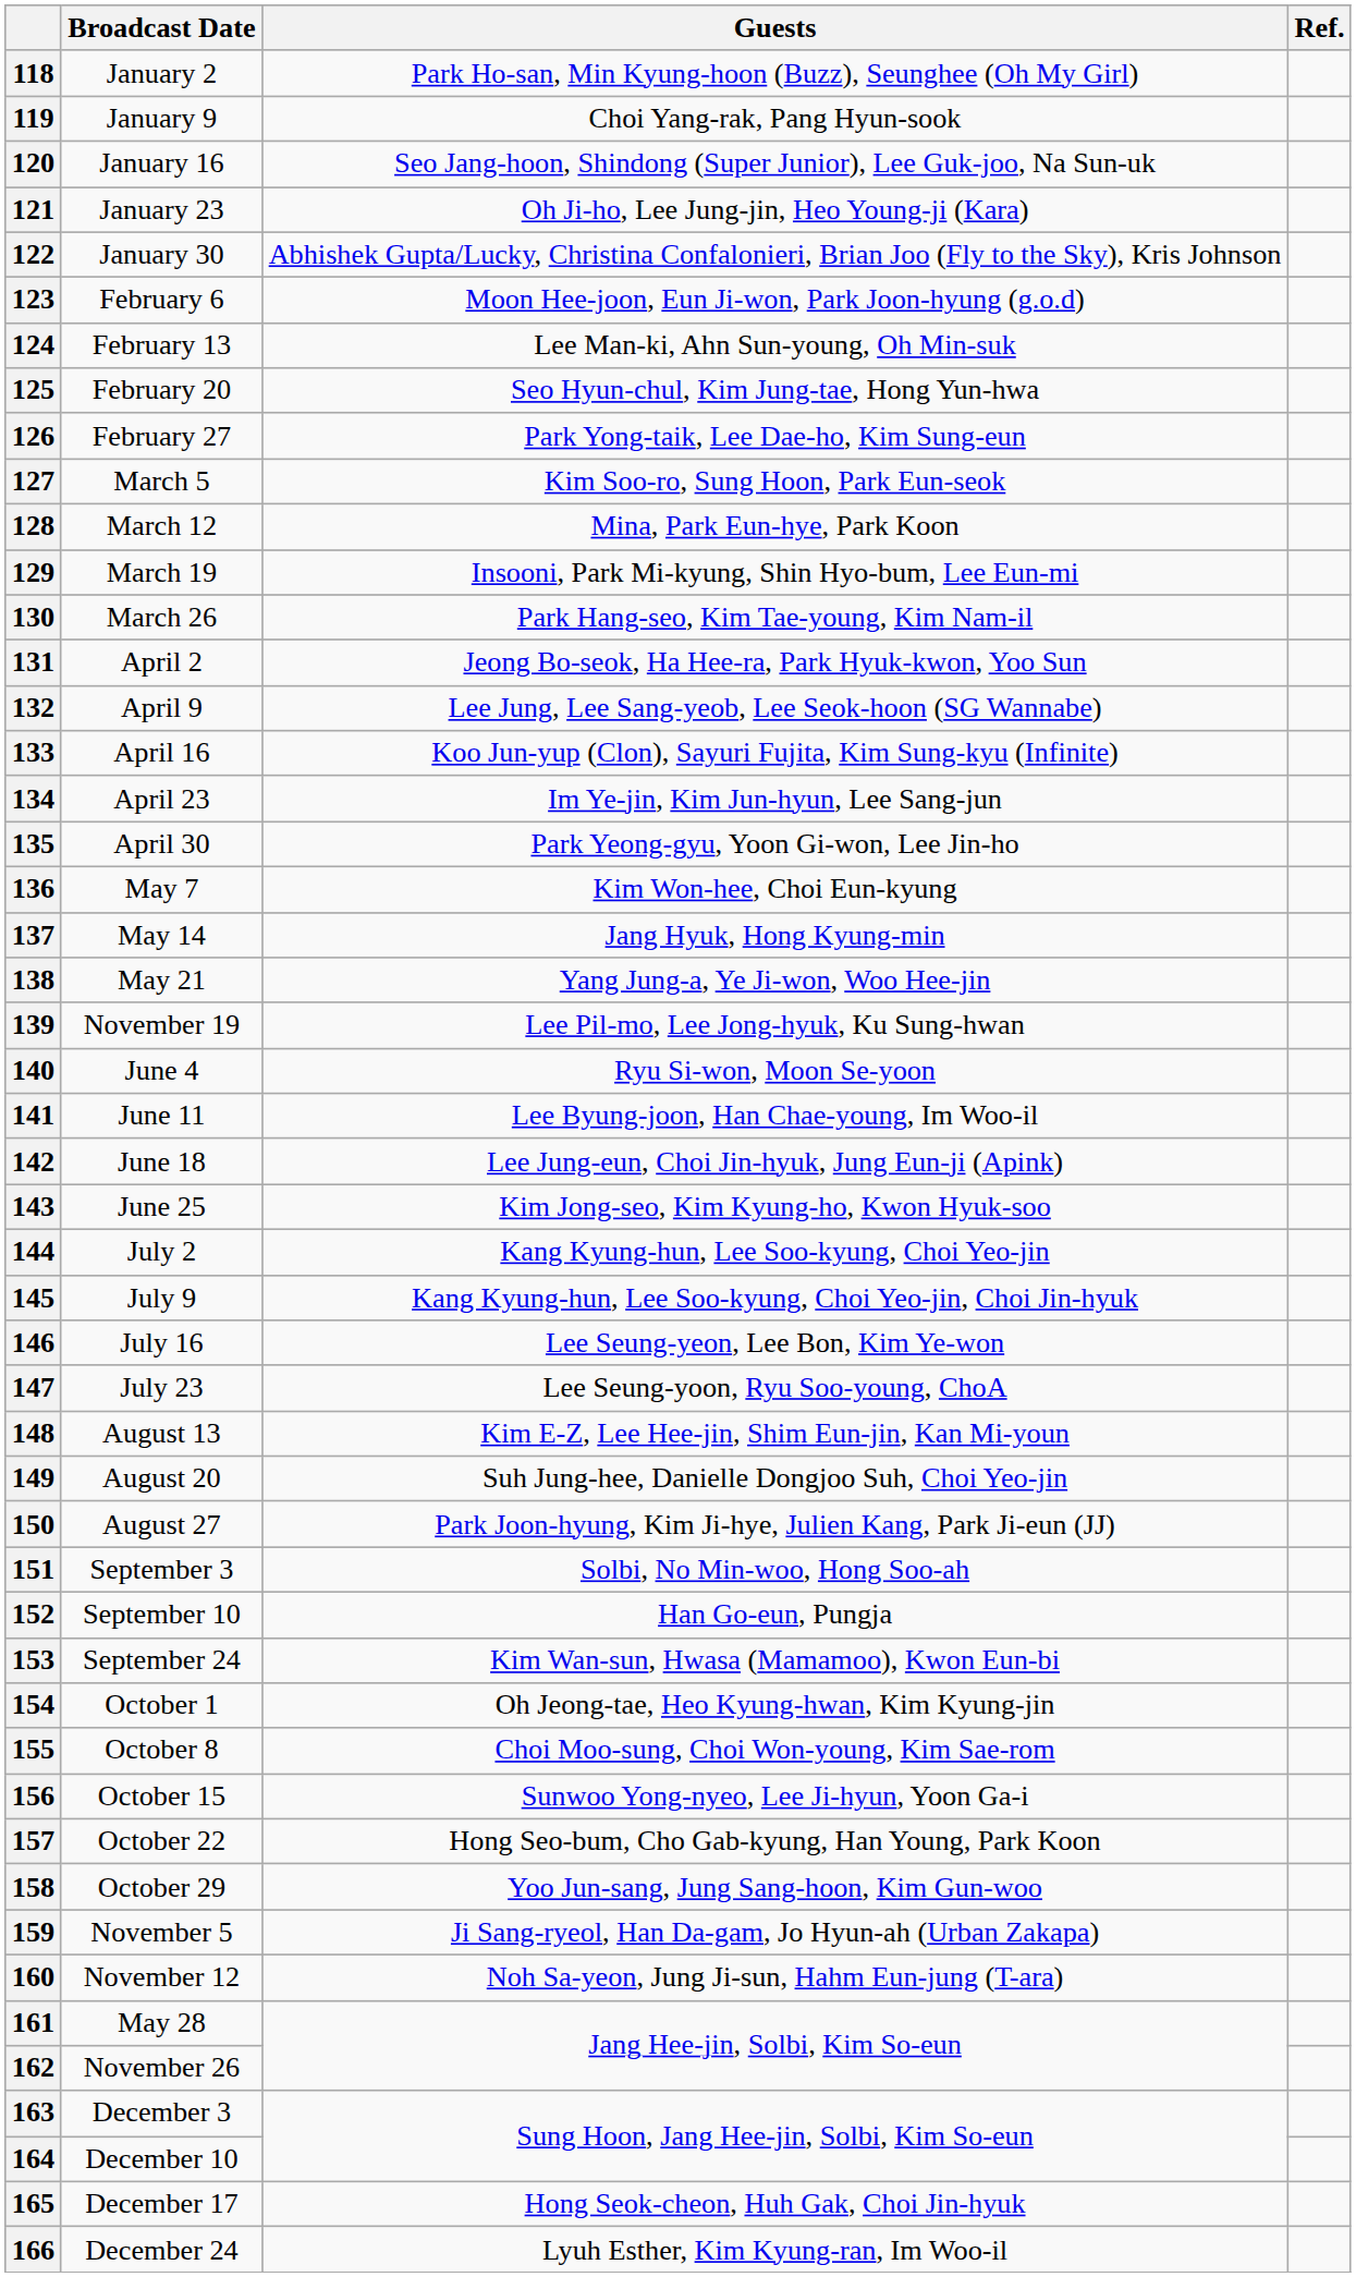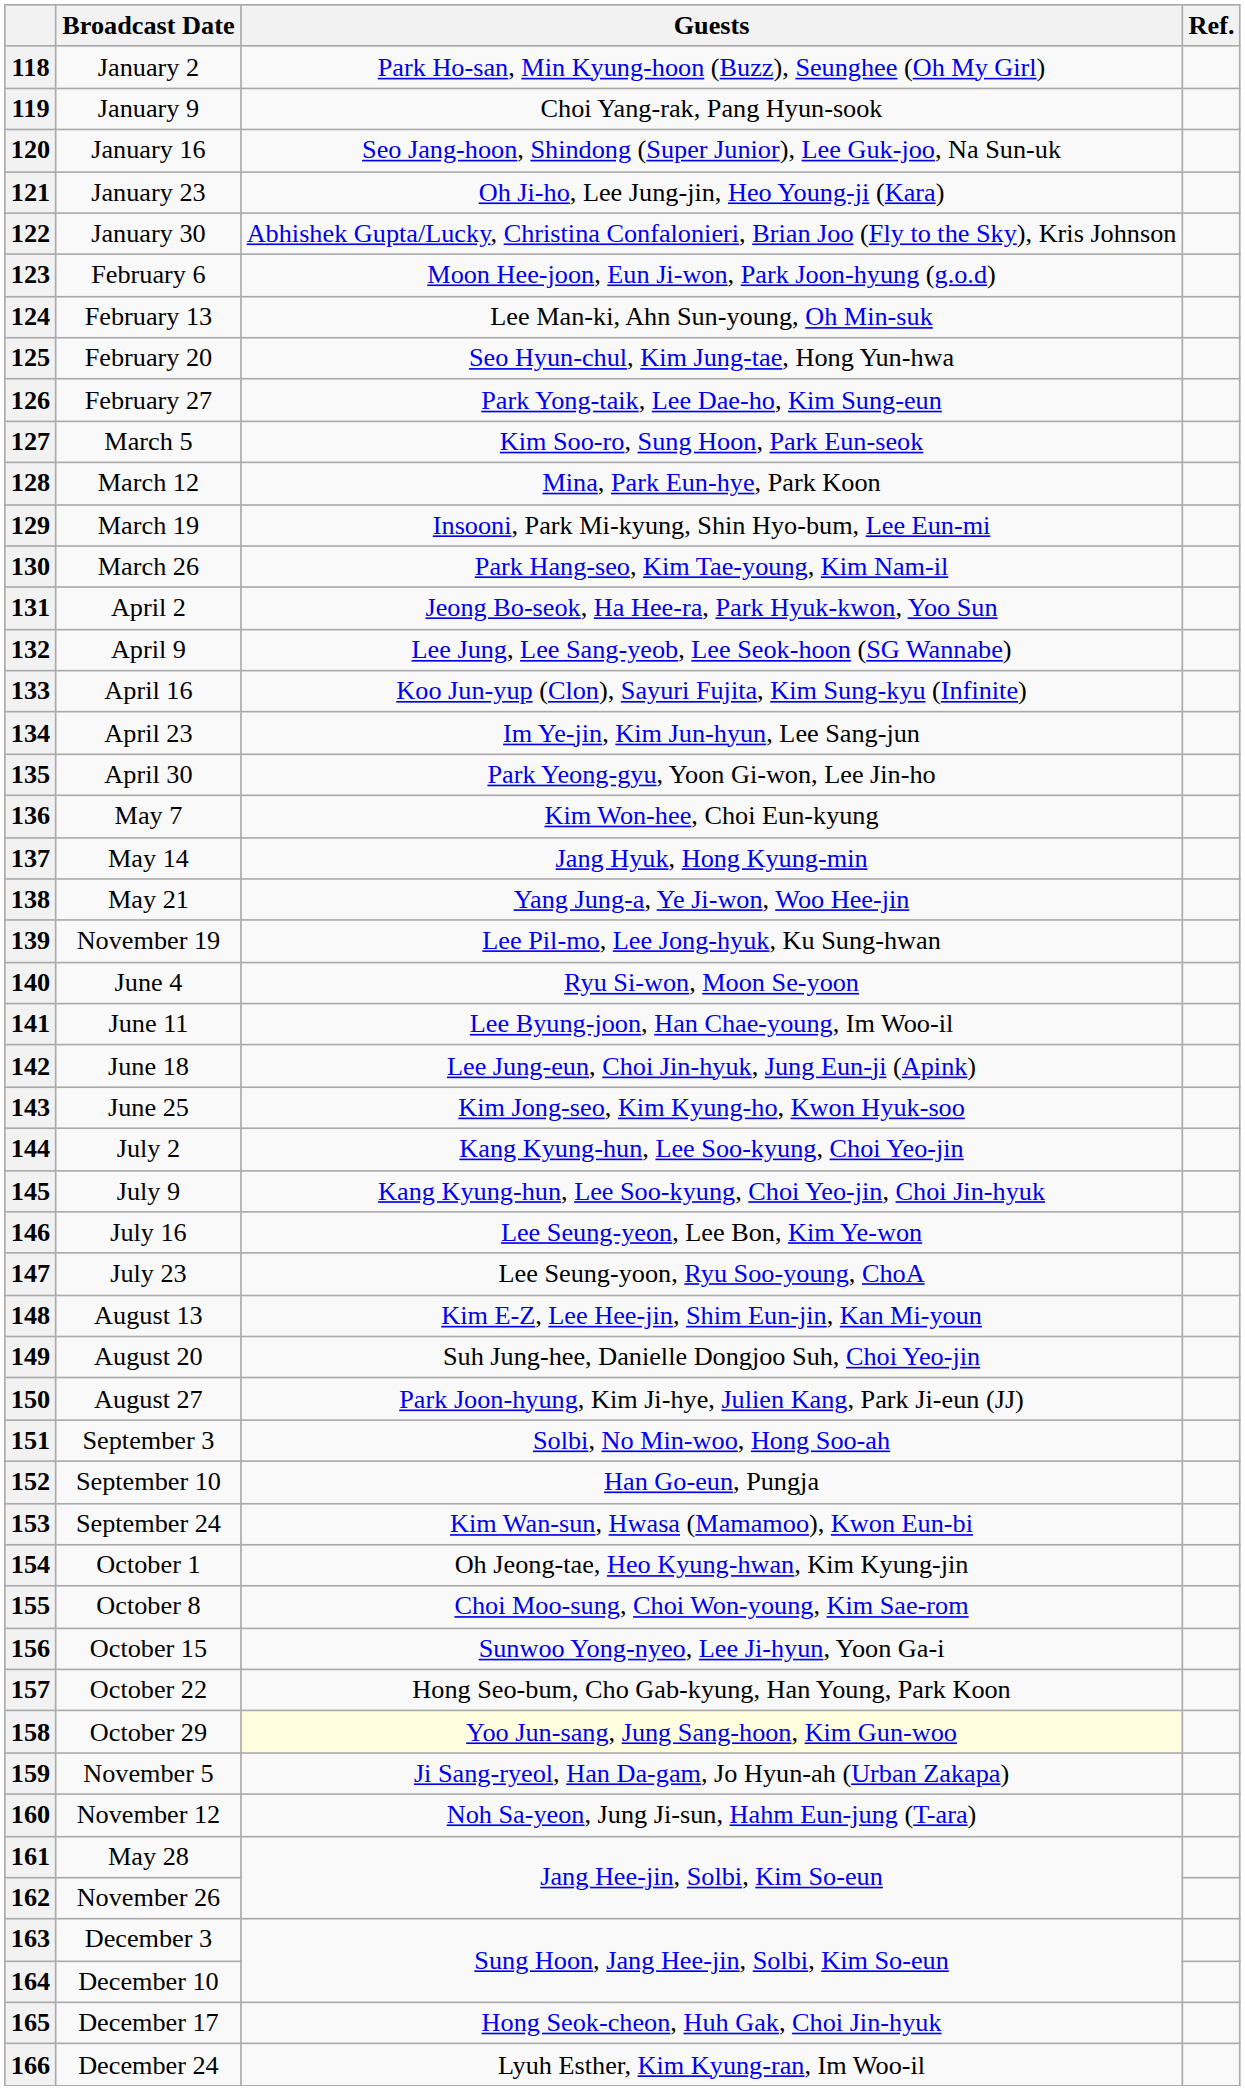 <table Class ="wikitable" style="text-align:center;">
 <tr>
 <th></th>
 <th>Broadcast Date</th>
 <th>Guests</th>
 <th>Ref.</th>
 </tr>
 <tr>
 <th>118</th>
 <td>January 2</td>
 <td><a href='#'>Park Ho-san</a>, <a href='#'>Min Kyung-hoon</a> (<a href='#'>Buzz</a>), <a href='#'>Seunghee</a> (<a href='#'>Oh My Girl</a>)</td>
 <td></td>
 </tr>
 <tr>
 <th>119</th>
 <td>January 9</td>
 <td>Choi Yang-rak, Pang Hyun-sook</td>
 <td></td>
 </tr>
 <tr>
 <th>120</th>
 <td>January 16</td>
 <td><a href='#'>Seo Jang-hoon</a>, <a href='#'>Shindong</a> (<a href='#'>Super Junior</a>), <a href='#'>Lee Guk-joo</a>, Na Sun-uk</td>
 <td></td>
 </tr>
 <tr>
 <th>121</th>
 <td>January 23</td>
 <td><a href='#'>Oh Ji-ho</a>, Lee Jung-jin, <a href='#'>Heo Young-ji</a> (<a href='#'>Kara</a>)</td>
 <td></td>
 </tr>
 <tr>
 <th>122</th>
 <td>January 30</td>
 <td><a href='#'>Abhishek Gupta/Lucky</a>, <a href='#'>Christina Confalonieri</a>, <a href='#'>Brian Joo</a> (<a href='#'>Fly to the Sky</a>), Kris Johnson</td>
 <td></td>
 </tr>
 <tr>
 <th>123</th>
 <td>February 6</td>
 <td><a href='#'>Moon Hee-joon</a>, <a href='#'>Eun Ji-won</a>, <a href='#'>Park Joon-hyung</a> (<a href='#'>g.o.d</a>)</td>
 <td></td>
 </tr>
 <tr>
 <th>124</th>
 <td>February 13</td>
 <td>Lee Man-ki, Ahn Sun-young, <a href='#'>Oh Min-suk</a></td>
 <td></td>
 </tr>
 <tr>
 <th>125</th>
 <td>February 20</td>
 <td><a href='#'>Seo Hyun-chul</a>, <a href='#'>Kim Jung-tae</a>, Hong Yun-hwa</td>
 <td></td>
 </tr>
 <tr>
 <th>126</th>
 <td>February 27</td>
 <td><a href='#'>Park Yong-taik</a>, <a href='#'>Lee Dae-ho</a>, <a href='#'>Kim Sung-eun</a></td>
 <td></td>
 </tr>
 <tr>
 <th>127</th>
 <td>March 5</td>
 <td><a href='#'>Kim Soo-ro</a>, <a href='#'>Sung Hoon</a>, <a href='#'>Park Eun-seok</a></td>
 <td></td>
 </tr>
 <tr>
 <th>128</th>
 <td>March 12</td>
 <td><a href='#'>Mina</a>, <a href='#'>Park Eun-hye</a>, Park Koon</td>
 <td></td>
 </tr>
 <tr>
 <th>129</th>
 <td>March 19</td>
 <td><a href='#'>Insooni</a>, Park Mi-kyung, Shin Hyo-bum, <a href='#'>Lee Eun-mi</a></td>
 <td></td>
 </tr>
 <tr>
 <th>130</th>
 <td>March 26</td>
 <td><a href='#'>Park Hang-seo</a>, <a href='#'>Kim Tae-young</a>, <a href='#'>Kim Nam-il</a></td>
 <td></td>
 </tr>
 <tr>
 <th>131</th>
 <td>April 2</td>
 <td><a href='#'>Jeong Bo-seok</a>, <a href='#'>Ha Hee-ra</a>, <a href='#'>Park Hyuk-kwon</a>, <a href='#'>Yoo Sun</a></td>
 <td></td>
 </tr>
 <tr>
 <th>132</th>
 <td>April 9</td>
 <td><a href='#'>Lee Jung</a>, <a href='#'>Lee Sang-yeob</a>, <a href='#'>Lee Seok-hoon</a> (<a href='#'>SG Wannabe</a>)</td>
 <td></td>
 </tr>
 <tr>
 <th>133</th>
 <td>April 16</td>
 <td><a href='#'>Koo Jun-yup</a> (<a href='#'>Clon</a>), <a href='#'>Sayuri Fujita</a>, <a href='#'>Kim Sung-kyu</a> (<a href='#'>Infinite</a>)</td>
 <td></td>
 </tr>
 <tr>
 <th>134</th>
 <td>April 23</td>
 <td><a href='#'>Im Ye-jin</a>, <a href='#'>Kim Jun-hyun</a>, Lee Sang-jun</td>
 <td></td>
 </tr>
 <tr>
 <th>135</th>
 <td>April 30</td>
 <td><a href='#'>Park Yeong-gyu</a>, Yoon Gi-won, Lee Jin-ho</td>
 <td></td>
 </tr>
 <tr>
 <th>136</th>
 <td>May 7</td>
 <td><a href='#'>Kim Won-hee</a>, Choi Eun-kyung</td>
 <td></td>
 </tr>
 <tr>
 <th>137</th>
 <td>May 14</td>
 <td><a href='#'>Jang Hyuk</a>, <a href='#'>Hong Kyung-min</a></td>
 <td></td>
 </tr>
 <tr>
 <th>138</th>
 <td>May 21</td>
 <td><a href='#'>Yang Jung-a</a>, <a href='#'>Ye Ji-won</a>, <a href='#'>Woo Hee-jin</a></td>
 <td></td>
 </tr>
 <tr>
 <th>139</th>
 <td>November 19</td>
 <td><a href='#'>Lee Pil-mo</a>, <a href='#'>Lee Jong-hyuk</a>, Ku Sung-hwan</td>
 <td></td>
 </tr>
 <tr>
 <th>140</th>
 <td>June 4</td>
 <td><a href='#'>Ryu Si-won</a>, <a href='#'>Moon Se-yoon</a></td>
 <td></td>
 </tr>
 <tr>
 <th>141</th>
 <td>June 11</td>
 <td><a href='#'>Lee Byung-joon</a>, <a href='#'>Han Chae-young</a>, Im Woo-il</td>
 <td></td>
 </tr>
 <tr>
 <th>142</th>
 <td>June 18</td>
 <td><a href='#'>Lee Jung-eun</a>, <a href='#'>Choi Jin-hyuk</a>, <a href='#'>Jung Eun-ji</a> (<a href='#'>Apink</a>)</td>
 <td></td>
 </tr>
 <tr>
 <th>143</th>
 <td>June 25</td>
 <td><a href='#'>Kim Jong-seo</a>, <a href='#'>Kim Kyung-ho</a>, <a href='#'>Kwon Hyuk-soo</a></td>
 <td></td>
 </tr>
 <tr>
 <th>144</th>
 <td>July 2</td>
 <td><a href='#'>Kang Kyung-hun</a>, <a href='#'>Lee Soo-kyung</a>, <a href='#'>Choi Yeo-jin</a></td>
 <td></td>
 </tr>
 <tr>
 <th>145</th>
 <td>July 9</td>
 <td><a href='#'>Kang Kyung-hun</a>, <a href='#'>Lee Soo-kyung</a>, <a href='#'>Choi Yeo-jin</a>, <a href='#'>Choi Jin-hyuk</a></td>
 <td></td>
 </tr>
 <tr>
 <th>146</th>
 <td>July 16</td>
 <td><a href='#'>Lee Seung-yeon</a>, Lee Bon, <a href='#'>Kim Ye-won</a></td>
 <td></td>
 </tr>
 <tr>
 <th>147</th>
 <td>July 23</td>
 <td>Lee Seung-yoon, <a href='#'>Ryu Soo-young</a>, <a href='#'>ChoA</a></td>
 <td></td>
 </tr>
 <tr>
 <th>148</th>
 <td>August 13</td>
 <td><a href='#'>Kim E-Z</a>, <a href='#'>Lee Hee-jin</a>, <a href='#'>Shim Eun-jin</a>, <a href='#'>Kan Mi-youn</a></td>
 <td></td>
 </tr>
 <tr>
 <th>149</th>
 <td>August 20</td>
 <td>Suh Jung-hee, Danielle Dongjoo Suh, <a href='#'>Choi Yeo-jin</a></td>
 <td></td>
 </tr>
 <tr>
 <th>150</th>
 <td>August 27</td>
 <td><a href='#'>Park Joon-hyung</a>, Kim Ji-hye, <a href='#'>Julien Kang</a>, Park Ji-eun (JJ)</td>
 <td></td>
 </tr>
 <tr>
 <th>151</th>
 <td>September 3</td>
 <td><a href='#'>Solbi</a>, <a href='#'>No Min-woo</a>, <a href='#'>Hong Soo-ah</a></td>
 <td></td>
 </tr>
 <tr>
 <th>152</th>
 <td>September 10</td>
 <td><a href='#'>Han Go-eun</a>, Pungja</td>
 <td></td>
 </tr>
 <tr>
 <th>153</th>
 <td>September 24</td>
 <td><a href='#'>Kim Wan-sun</a>, <a href='#'>Hwasa</a> (<a href='#'>Mamamoo</a>), <a href='#'>Kwon Eun-bi</a></td>
 <td></td>
 </tr>
 <tr>
 <th>154</th>
 <td>October 1</td>
 <td>Oh Jeong-tae, <a href='#'>Heo Kyung-hwan</a>, Kim Kyung-jin</td>
 <td></td>
 </tr>
 <tr>
 <th>155</th>
 <td>October 8</td>
 <td><a href='#'>Choi Moo-sung</a>, <a href='#'>Choi Won-young</a>, <a href='#'>Kim Sae-rom</a></td>
 <td></td>
 </tr>
 <tr>
 <th>156</th>
 <td>October 15</td>
 <td><a href='#'>Sunwoo Yong-nyeo</a>, <a href='#'>Lee Ji-hyun</a>, Yoon Ga-i</td>
 <td></td>
 </tr>
 <tr>
 <th>157</th>
 <td>October 22</td>
 <td>Hong Seo-bum, Cho Gab-kyung, Han Young, Park Koon</td>
 <td></td>
 </tr>
 <tr>
 <th>158</th>
 <td>October 29</td>
-<td><a href='#'>Yoo Jun-sang</a>, <a href='#'>Jung Sang-hoon</a>, <a href='#'>Kim Gun-woo</a></td>
+<td style="background: lightyellow;"><a href='#'>Yoo Jun-sang</a>, <a href='#'>Jung Sang-hoon</a>, <a href='#'>Kim Gun-woo</a></td>
 <td></td>
 </tr>
 <tr>
 <th>159</th>
 <td>November 5</td>
 <td><a href='#'>Ji Sang-ryeol</a>, <a href='#'>Han Da-gam</a>, Jo Hyun-ah (<a href='#'>Urban Zakapa</a>)</td>
 <td></td>
 </tr>
 <tr>
 <th>160</th>
 <td>November 12</td>
 <td><a href='#'>Noh Sa-yeon</a>, Jung Ji-sun, <a href='#'>Hahm Eun-jung</a> (<a href='#'>T-ara</a>)</td>
 <td></td>
 </tr>
 <tr>
 <th>161</th>
 <td>May 28</td>
 <td rowspan="2"><a href='#'>Jang Hee-jin</a>, <a href='#'>Solbi</a>, <a href='#'>Kim So-eun</a></td>
 <td></td>
 </tr>
 <tr>
 <th>162</th>
 <td>November 26</td>
 <td></td>
 </tr>
 <tr>
 <th>163</th>
 <td>December 3</td>
 <td rowspan="2"><a href='#'>Sung Hoon</a>, <a href='#'>Jang Hee-jin</a>, <a href='#'>Solbi</a>, <a href='#'>Kim So-eun</a></td>
 <td></td>
 </tr>
 <tr>
 <th>164</th>
 <td>December 10</td>
 <td></td>
 </tr>
 <tr>
 <th>165</th>
 <td>December 17</td>
 <td><a href='#'>Hong Seok-cheon</a>, <a href='#'>Huh Gak</a>, <a href='#'>Choi Jin-hyuk</a></td>
 <td></td>
 </tr>
 <tr>
 <th>166</th>
 <td>December 24</td>
 <td>Lyuh Esther, <a href='#'>Kim Kyung-ran</a>, Im Woo-il</td>
 <td></td>
 </tr>
 <tr>
 </tr>
 </table>
